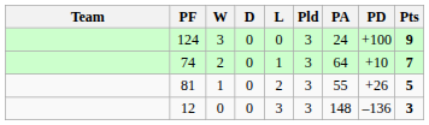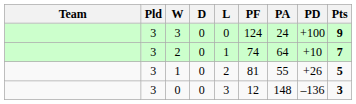 <table class="wikitable" style="text-align:center;">
 <tr>
 <th width=175>Team</th>
-<th width=32 abbr="Points for">PF</th>
+<th width=25 abbr="Played">Pld</th>
 <th width=25 abbr="Won">W</th>
 <th width=25 abbr="Drawn">D</th>
 <th width=25 abbr="Lost">L</th>
-<th width=25 abbr="Played">Pld</th>
+<th width=32 abbr="Points for">PF</th>
 <th width=32 abbr="Points against">PA</th>
 <th width=32 abbr="Points difference">PD</th>
 <th width=25 abbr="Points">Pts</th>
 </tr>
 <tr bgcolor=ccffcc>
 <td align=left></td>
-<td>124</td>
+<td>3</td>
 <td>3</td>
 <td>0</td>
 <td>0</td>
-<td>3</td>
+<td>124</td>
 <td>24</td>
 <td>+100</td>
 <td><strong>9</strong></td>
 </tr>
 <tr bgcolor=ccffcc>
 <td align=left></td>
-<td>74</td>
+<td>3</td>
 <td>2</td>
 <td>0</td>
 <td>1</td>
-<td>3</td>
+<td>74</td>
 <td>64</td>
 <td>+10</td>
 <td><strong>7</strong></td>
 </tr>
 <tr>
 <td align=left></td>
-<td>81</td>
+<td>3</td>
 <td>1</td>
 <td>0</td>
 <td>2</td>
-<td>3</td>
+<td>81</td>
 <td>55</td>
 <td>+26</td>
 <td><strong>5</strong></td>
 </tr>
 <tr>
 <td align=left></td>
-<td>12</td>
+<td>3</td>
 <td>0</td>
 <td>0</td>
 <td>3</td>
-<td>3</td>
+<td>12</td>
 <td>148</td>
 <td>–136</td>
 <td><strong>3</strong></td>
 </tr>
 </table>
